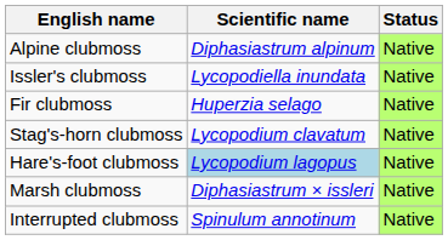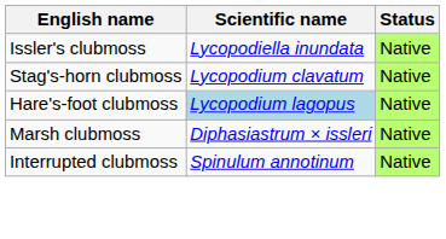 <table class="wikitable" |>
 <tr>
 <th>English name</th>
 <th>Scientific name</th>
 <th>Status</th>
 </tr>
 <tr>
-<td>Alpine clubmoss</td>
-<td><em><a href='#'>Diphasiastrum alpinum</a></em></td>
-<td style="background: #B9FF72; text-align: ">Native</td>
-</tr>
-<tr>
 <td>Issler's clubmoss</td>
 <td><em><a href='#'>Lycopodiella inundata</a></em></td>
-<td style="background: #B9FF72; text-align: ">Native</td>
-</tr>
-<tr>
-<td>Fir clubmoss</td>
-<td><em><a href='#'>Huperzia selago</a></em></td>
 <td style="background: #B9FF72; text-align: ">Native</td>
 </tr>
 <tr>
 <td>Stag's-horn clubmoss</td>
 <td><em><a href='#'>Lycopodium clavatum</a></em></td>
 <td style="background: #B9FF72; text-align: ">Native</td>
 </tr>
 <tr>
 <td>Hare's-foot clubmoss</td>
 <td style="background: lightblue;"><em><a href='#'>Lycopodium lagopus</a></em></td>
 <td style="background: #B9FF72; text-align: ">Native</td>
 </tr>
 <tr>
 <td>Marsh clubmoss</td>
 <td><em><a href='#'>Diphasiastrum × issleri</a></em></td>
 <td style="background: #B9FF72; text-align: ">Native</td>
 </tr>
 <tr>
 <td>Interrupted clubmoss</td>
 <td><em><a href='#'>Spinulum annotinum</a></em></td>
 <td style="background: #B9FF72; text-align: ">Native</td>
 </tr>
 </table>
